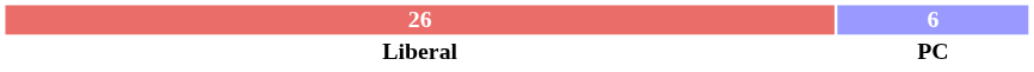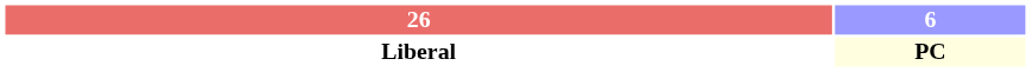 <table style="width:55%; text-align:center;">
 <tr style="color:white;">
 <td style="background:#EA6D6A; width:81.25%;"><strong>26</strong></td>
 <td style="background:#9999FF; width:18.75%;"><strong>6</strong></td>
 </tr>
 <tr>
 <td><span><strong>Liberal</strong></span></td>
-<td><span><strong>PC</strong></span></td>
+<td style="background: lightyellow;"><span><strong>PC</strong></span></td>
 </tr>
 </table>
